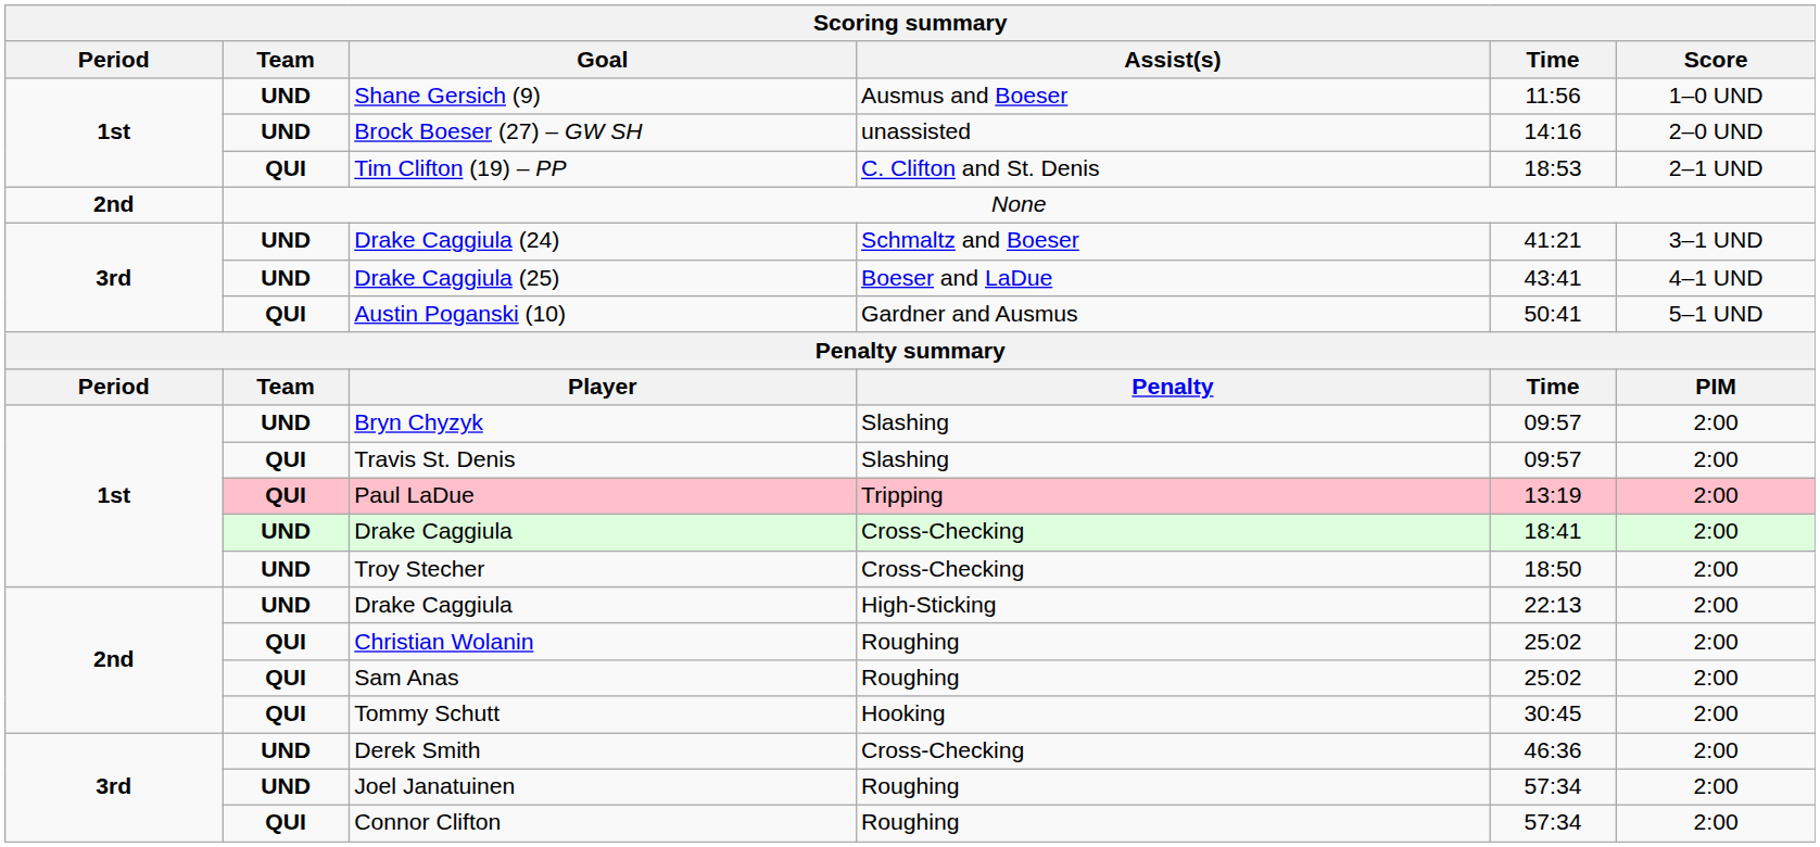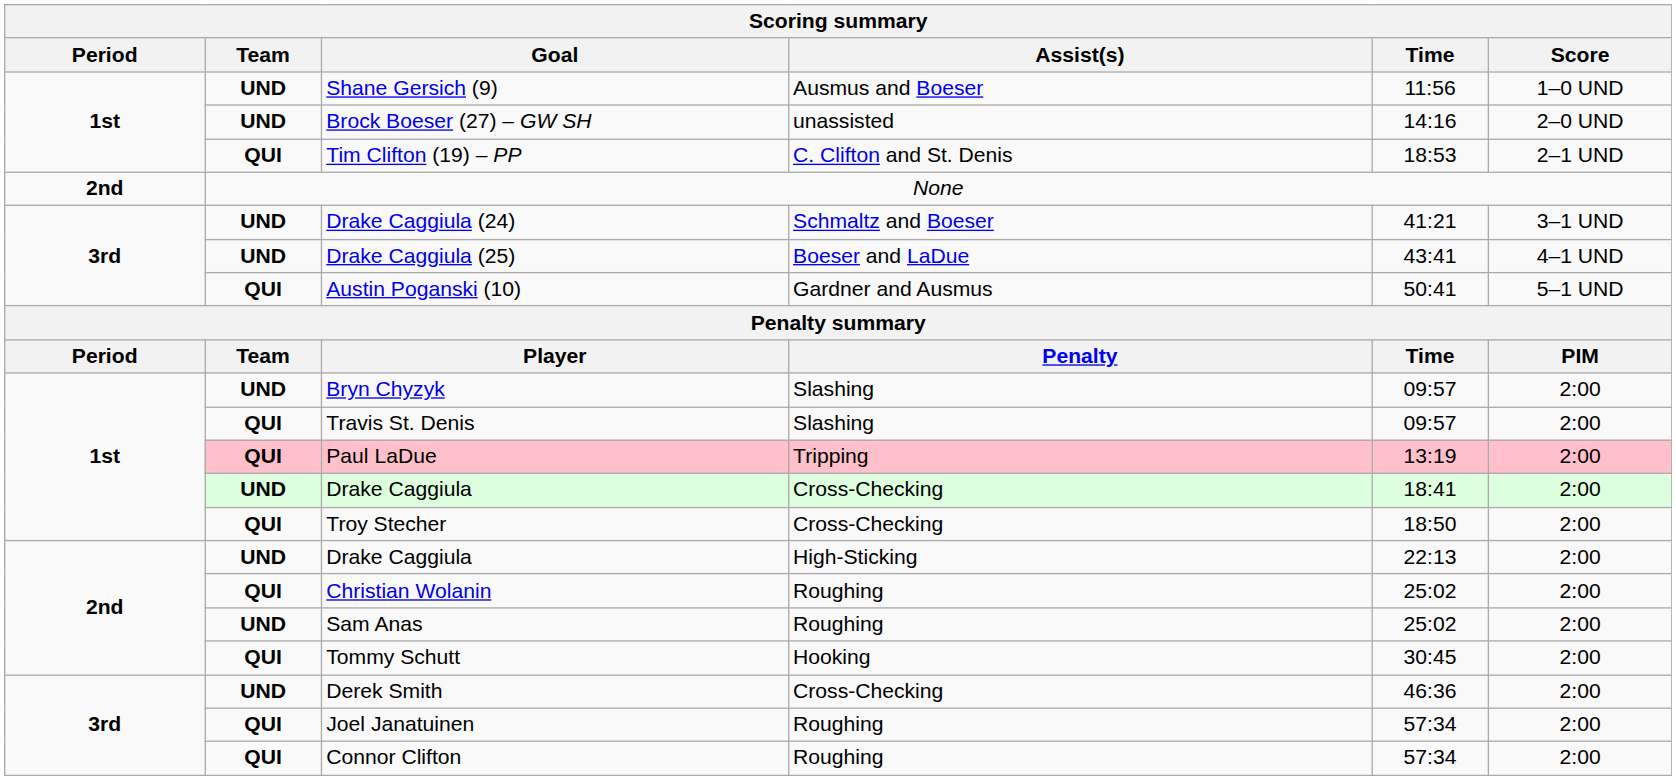 <table style="width:100%;" class="wikitable">
 <tr>
 <th colspan=6>Scoring summary</th>
 </tr>
 <tr>
 <th style="width:12%;">Period</th>
 <th style="width:7%;">Team</th>
 <th style="width:28%;">Goal</th>
 <th style="width:35%;">Assist(s)</th>
 <th style="width:7%;">Time</th>
 <th style="width:11%;">Score</th>
 </tr>
 <tr>
 <td style="text-align:center;" rowspan="3"><strong>1st</strong></td>
 <td align=center><strong>UND</strong></td>
 <td><a href='#'>Shane Gersich</a> (9)</td>
 <td>Ausmus and <a href='#'>Boeser</a></td>
 <td align=center>11:56</td>
 <td align=center>1–0 UND</td>
 </tr>
 <tr>
 <td align=center><strong>UND</strong></td>
 <td><a href='#'>Brock Boeser</a> (27) – <em>GW SH</em></td>
 <td>unassisted</td>
 <td align=center>14:16</td>
 <td align=center>2–0 UND</td>
 </tr>
 <tr>
 <td align=center><strong>QUI</strong></td>
 <td><a href='#'>Tim Clifton</a> (19) – <em>PP</em></td>
 <td><a href='#'>C. Clifton</a> and St. Denis</td>
 <td align=center>18:53</td>
 <td align=center>2–1 UND</td>
 </tr>
 <tr>
 <td style="text-align:center;" rowspan="1"><strong>2nd</strong></td>
 <td style="text-align:center;" colspan="5"><em>None</em></td>
 </tr>
 <tr>
 <td style="text-align:center;" rowspan="3"><strong>3rd</strong></td>
 <td align=center><strong>UND</strong></td>
 <td><a href='#'>Drake Caggiula</a> (24)</td>
 <td><a href='#'>Schmaltz</a> and <a href='#'>Boeser</a></td>
 <td align=center>41:21</td>
 <td align=center>3–1 UND</td>
 </tr>
 <tr>
 <td align=center><strong>UND</strong></td>
 <td><a href='#'>Drake Caggiula</a> (25)</td>
 <td><a href='#'>Boeser</a> and <a href='#'>LaDue</a></td>
 <td align=center>43:41</td>
 <td align=center>4–1 UND</td>
 </tr>
 <tr>
 <td align=center><strong>QUI</strong></td>
 <td><a href='#'>Austin Poganski</a> (10)</td>
 <td>Gardner and Ausmus</td>
 <td align=center>50:41</td>
 <td align=center>5–1 UND</td>
 </tr>
 <tr>
 <th colspan=6>Penalty summary</th>
 </tr>
 <tr>
 <th style="width:12%;">Period</th>
 <th style="width:7%;">Team</th>
 <th style="width:28%;">Player</th>
 <th style="width:35%;"><a href='#'>Penalty</a></th>
 <th style="width:7%;">Time</th>
 <th style="width:11%;">PIM</th>
 </tr>
 <tr>
 <td style="text-align:center;" rowspan="5"><strong>1st</strong></td>
 <td align=center><strong>UND</strong></td>
 <td><a href='#'>Bryn Chyzyk</a></td>
 <td>Slashing</td>
 <td align=center>09:57</td>
 <td align=center>2:00</td>
 </tr>
 <tr>
 <td align=center><strong>QUI</strong></td>
 <td>Travis St. Denis</td>
 <td>Slashing</td>
 <td align=center>09:57</td>
 <td align=center>2:00</td>
 </tr>
 <tr bgcolor="pink">
 <td align=center><strong>QUI</strong></td>
 <td>Paul LaDue</td>
 <td>Tripping</td>
 <td align=center>13:19</td>
 <td align=center>2:00</td>
 </tr>
 <tr bgcolor=DDFFDD>
 <td align=center><strong>UND</strong></td>
 <td>Drake Caggiula</td>
 <td>Cross-Checking</td>
 <td align=center>18:41</td>
 <td align=center>2:00</td>
 </tr>
 <tr>
-<td align=center><strong>UND</strong></td>
+<td align=center><strong>QUI</strong></td>
 <td>Troy Stecher</td>
 <td>Cross-Checking</td>
 <td align=center>18:50</td>
 <td align=center>2:00</td>
 </tr>
 <tr>
 <td style="text-align:center;" rowspan="4"><strong>2nd</strong></td>
 <td align=center><strong>UND</strong></td>
 <td>Drake Caggiula</td>
 <td>High-Sticking</td>
 <td align=center>22:13</td>
 <td align=center>2:00</td>
 </tr>
 <tr>
 <td align=center><strong>QUI</strong></td>
 <td><a href='#'>Christian Wolanin</a></td>
 <td>Roughing</td>
 <td align=center>25:02</td>
 <td align=center>2:00</td>
 </tr>
 <tr>
-<td align=center><strong>QUI</strong></td>
+<td align=center><strong>UND</strong></td>
 <td>Sam Anas</td>
 <td>Roughing</td>
 <td align=center>25:02</td>
 <td align=center>2:00</td>
 </tr>
 <tr>
 <td align=center><strong>QUI</strong></td>
 <td>Tommy Schutt</td>
 <td>Hooking</td>
 <td align=center>30:45</td>
 <td align=center>2:00</td>
 </tr>
 <tr>
 <td style="text-align:center;" rowspan="3"><strong>3rd</strong></td>
 <td align=center><strong>UND</strong></td>
 <td>Derek Smith</td>
 <td>Cross-Checking</td>
 <td align=center>46:36</td>
 <td align=center>2:00</td>
 </tr>
 <tr>
-<td align=center><strong>UND</strong></td>
+<td align=center><strong>QUI</strong></td>
 <td>Joel Janatuinen</td>
 <td>Roughing</td>
 <td align=center>57:34</td>
 <td align=center>2:00</td>
 </tr>
 <tr>
 <td align=center><strong>QUI</strong></td>
 <td>Connor Clifton</td>
 <td>Roughing</td>
 <td align=center>57:34</td>
 <td align=center>2:00</td>
 </tr>
 <tr>
 </tr>
 </table>
